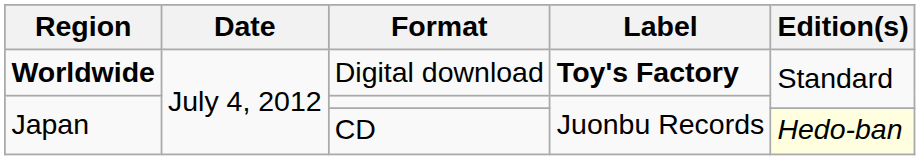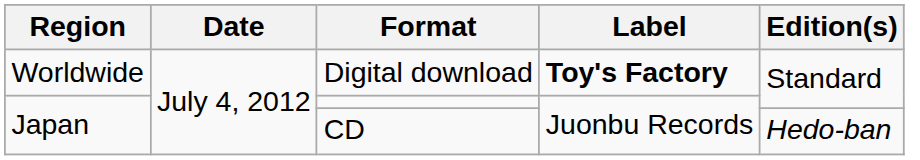 <table class="wikitable plainrowheaders">
 <tr>
 <th scope="col">Region</th>
 <th scope="col">Date</th>
 <th scope="col">Format</th>
 <th scope="col">Label</th>
 <th scope="col">Edition(s)</th>
 </tr>
 <tr>
-<td scope="row"><strong>Worldwide</strong></td>
+<td scope="row">Worldwide</td>
 <td rowspan="3">July 4, 2012</td>
 <td>Digital download</td>
 <td><strong>Toy's Factory</strong></td>
 <td rowspan="2">Standard</td>
 </tr>
 <tr>
 <td scope="row" rowspan="2">Japan</td>
 <td></td>
 <td rowspan="2">Juonbu Records</td>
 </tr>
 <tr>
 <td>CD</td>
-<td style="background: lightyellow;"><em>Hedo-ban</em></td>
+<td><em>Hedo-ban</em></td>
 </tr>
 </table>
